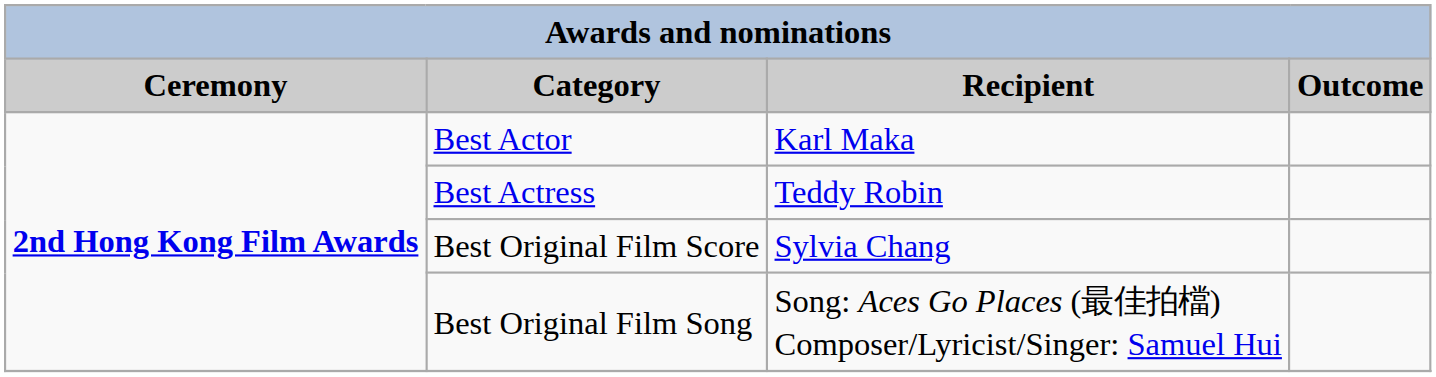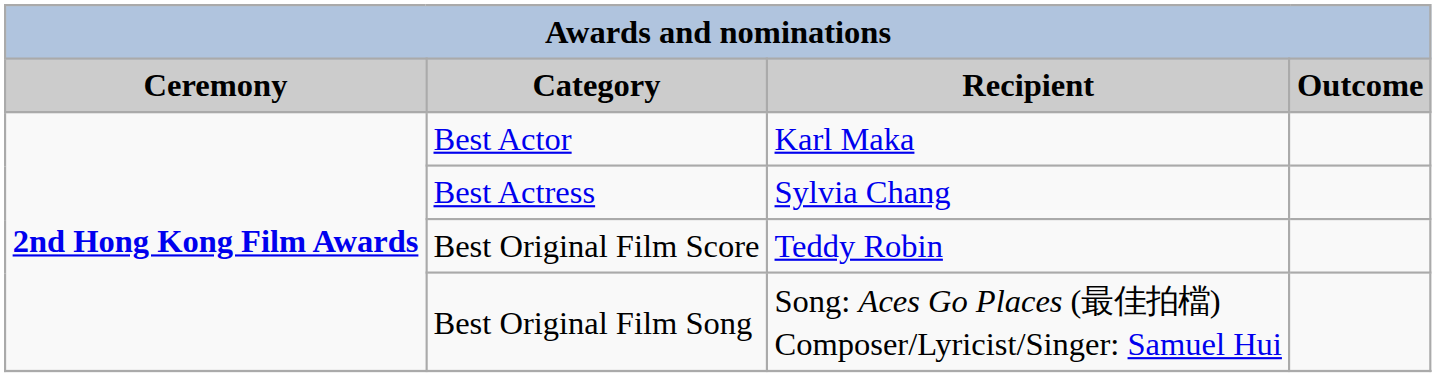 <table class="wikitable" style="font-size:95%;" ;>
 <tr style="background:#ccc; text-align:center;">
 <th colspan="4" style="background: LightSteelBlue;">Awards and nominations</th>
 </tr>
 <tr style="background:#ccc; text-align:center;">
 <th style="background:#ccc">Ceremony</th>
 <th style="background:#ccc">Category</th>
 <th style="background:#ccc">Recipient</th>
 <th style="background:#ccc">Outcome</th>
 </tr>
 <tr>
 <td rowspan=4><strong><a href='#'>2nd Hong Kong Film Awards</a></strong></td>
 <td><a href='#'>Best Actor</a></td>
 <td><a href='#'>Karl Maka</a></td>
 <td></td>
 </tr>
 <tr>
 <td><a href='#'>Best Actress</a></td>
-<td><a href='#'>Teddy Robin</a></td>
+<td><a href='#'>Sylvia Chang</a></td>
 <td></td>
 </tr>
 <tr>
 <td>Best Original Film Score</td>
-<td><a href='#'>Sylvia Chang</a></td>
+<td><a href='#'>Teddy Robin</a></td>
 <td></td>
 </tr>
 <tr>
 <td>Best Original Film Song</td>
 <td>Song: <em>Aces Go Places</em> (最佳拍檔)<br>Composer/Lyricist/Singer: <a href='#'>Samuel Hui</a></td>
 <td></td>
 </tr>
 <tr>
 </tr>
 </table>
